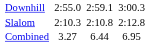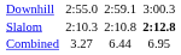 <table>
 <tr valign="top">
 <td><a href='#'>Downhill</a><br></td>
 <td></td>
 <td align=center>2:55.0</td>
 <td></td>
 <td align=center>2:59.1</td>
 <td><br></td>
 <td align=center>3:00.3</td>
 </tr>
 <tr>
 <td><a href='#'>Slalom</a><br></td>
 <td></td>
 <td align=center>2:10.3</td>
 <td></td>
 <td align=center>2:10.8</td>
 <td></td>
-<td align=center>2:12.8</td>
+<td align=center><strong>2:12.8</strong></td>
 </tr>
 <tr>
 <td><a href='#'>Combined</a><br></td>
 <td></td>
 <td align=center>3.27</td>
 <td></td>
 <td align=center>6.44</td>
 <td></td>
 <td align=center>6.95</td>
 </tr>
 </table>
